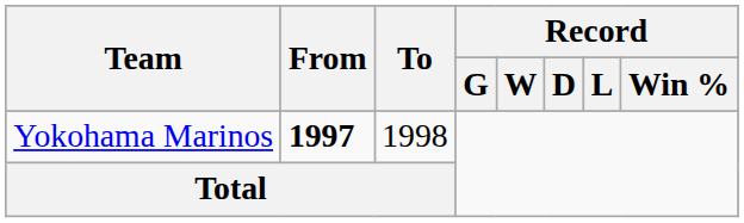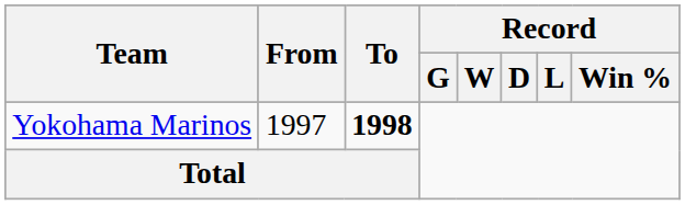 <table class="wikitable" style="text-align: center">
 <tr>
 <th rowspan="2">Team</th>
 <th rowspan="2">From</th>
 <th rowspan="2">To</th>
 <th colspan="5">Record</th>
 </tr>
 <tr>
 <th>G</th>
 <th>W</th>
 <th>D</th>
 <th>L</th>
 <th>Win %</th>
 </tr>
 <tr>
 <td align="left"><a href='#'>Yokohama Marinos</a></td>
-<td align="left"><strong>1997</strong></td>
-<td align="left">1998<br></td>
+<td align="left">1997</td>
+<td align="left"><strong>1998<br></strong></td>
 </tr>
 <tr>
 <th colspan="3">Total<br></th>
 </tr>
 </table>
